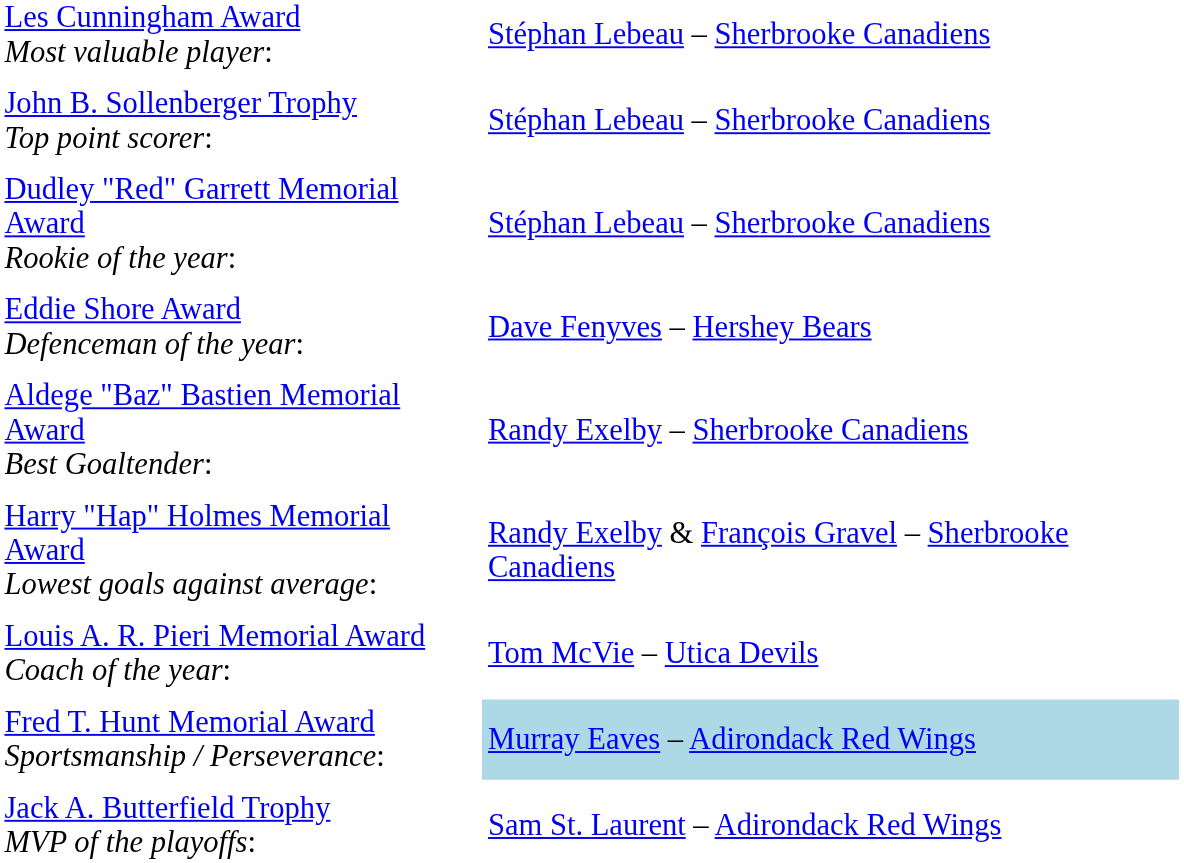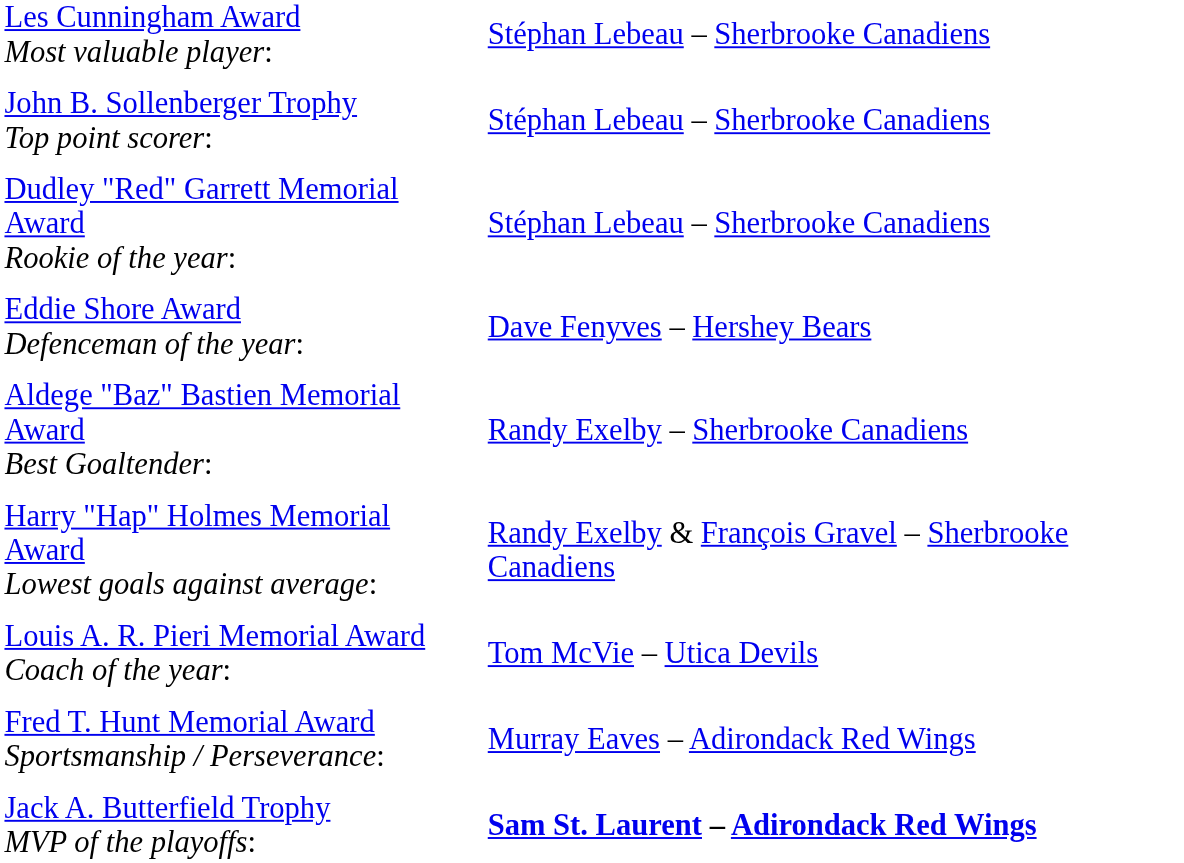 <table cellpadding="3" cellspacing="3">
 <tr>
 <td><a href='#'>Les Cunningham Award</a><br><em>Most valuable player</em>:</td>
 <td><a href='#'>Stéphan Lebeau</a> – <a href='#'>Sherbrooke Canadiens</a></td>
 </tr>
 <tr>
 <td><a href='#'>John B. Sollenberger Trophy</a><br><em>Top point scorer</em>:</td>
 <td><a href='#'>Stéphan Lebeau</a> – <a href='#'>Sherbrooke Canadiens</a></td>
 </tr>
 <tr>
 <td><a href='#'>Dudley "Red" Garrett Memorial Award</a><br><em>Rookie of the year</em>:</td>
 <td><a href='#'>Stéphan Lebeau</a> – <a href='#'>Sherbrooke Canadiens</a></td>
 </tr>
 <tr>
 <td><a href='#'>Eddie Shore Award</a><br><em>Defenceman of the year</em>:</td>
 <td><a href='#'>Dave Fenyves</a> – <a href='#'>Hershey Bears</a></td>
 </tr>
 <tr>
 <td><a href='#'>Aldege "Baz" Bastien Memorial Award</a><br><em>Best Goaltender</em>:</td>
 <td><a href='#'>Randy Exelby</a> – <a href='#'>Sherbrooke Canadiens</a></td>
 </tr>
 <tr>
 <td><a href='#'>Harry "Hap" Holmes Memorial Award</a><br><em>Lowest goals against average</em>:</td>
 <td><a href='#'>Randy Exelby</a> & <a href='#'>François Gravel</a> – <a href='#'>Sherbrooke Canadiens</a></td>
 </tr>
 <tr>
 <td><a href='#'>Louis A. R. Pieri Memorial Award</a><br><em>Coach of the year</em>:</td>
 <td><a href='#'>Tom McVie</a> – <a href='#'>Utica Devils</a></td>
 </tr>
 <tr>
 <td><a href='#'>Fred T. Hunt Memorial Award</a><br><em>Sportsmanship / Perseverance</em>:</td>
-<td style="background: lightblue;"><a href='#'>Murray Eaves</a> – <a href='#'>Adirondack Red Wings</a></td>
+<td><a href='#'>Murray Eaves</a> – <a href='#'>Adirondack Red Wings</a></td>
 </tr>
 <tr>
 <td><a href='#'>Jack A. Butterfield Trophy</a><br><em>MVP of the playoffs</em>:</td>
-<td><a href='#'>Sam St. Laurent</a> – <a href='#'>Adirondack Red Wings</a></td>
+<td><strong><a href='#'>Sam St. Laurent</a> – <a href='#'>Adirondack Red Wings</a></strong></td>
 </tr>
 </table>
